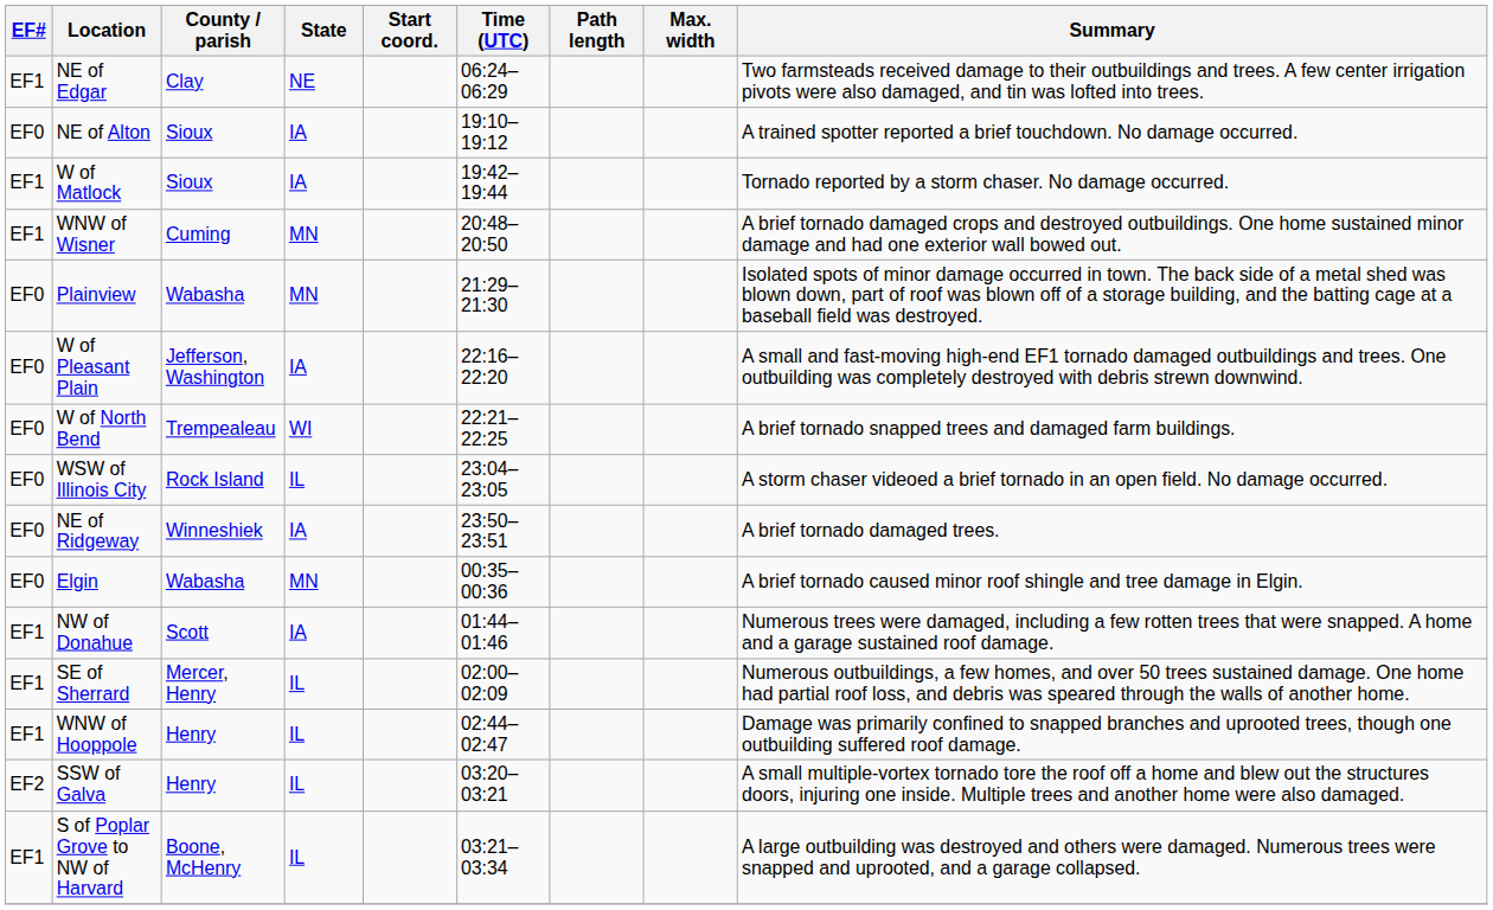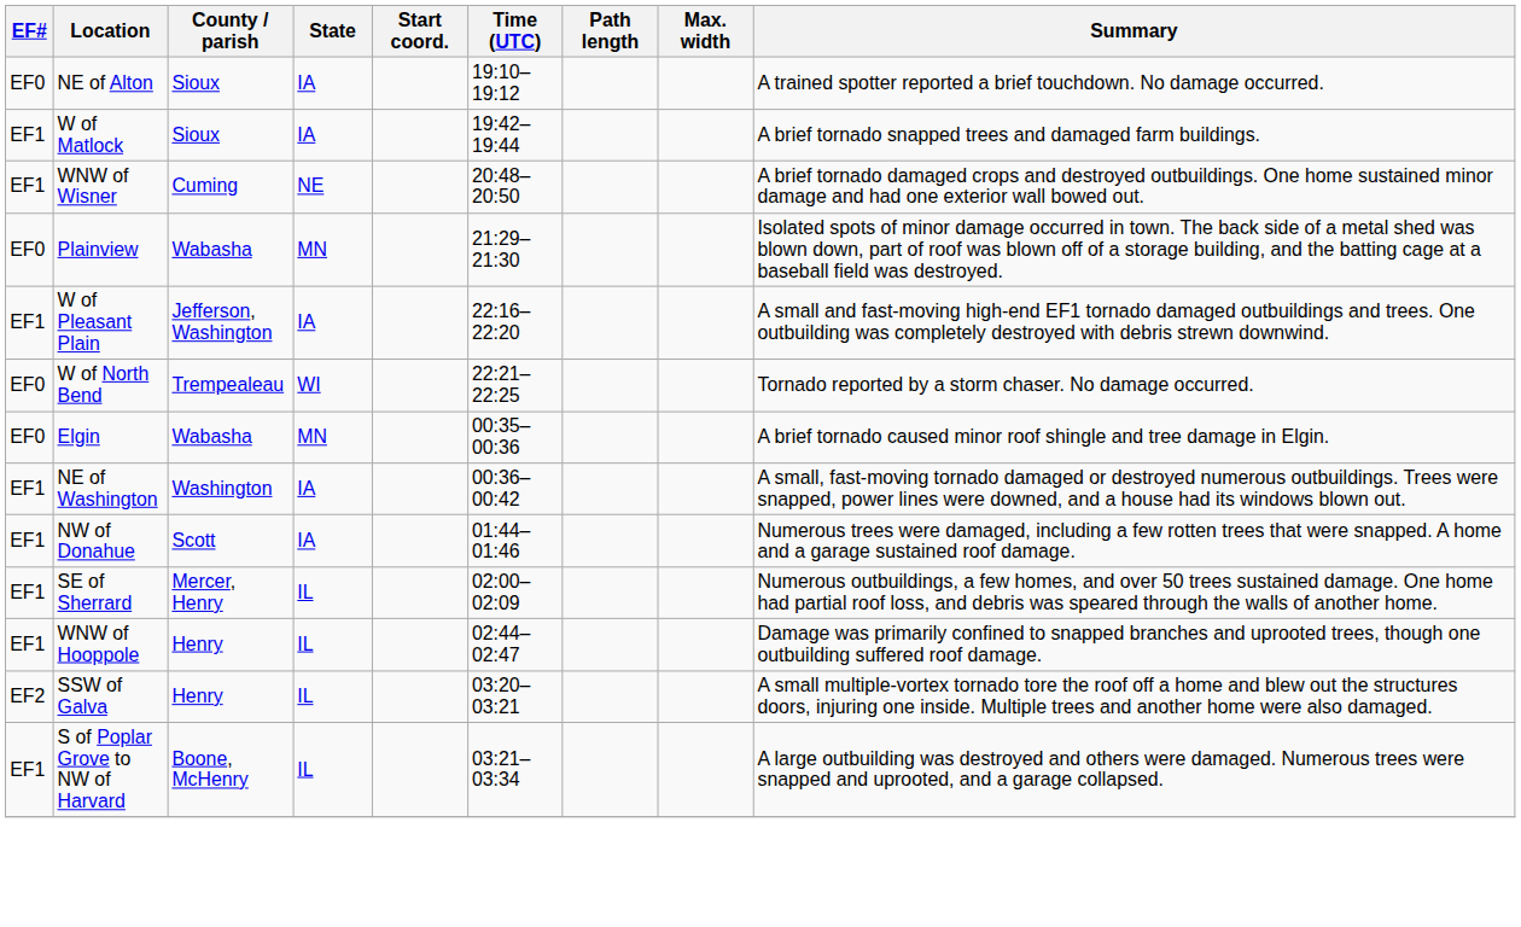 <table class="wikitable sortable" style="width:100%;">
 <tr>
 <th scope="col"  style="width:3%; text-align:center;"><a href='#'>EF#</a></th>
 <th scope="col"  style="width:7%; text-align:center;" class="unsortable">Location</th>
 <th scope="col"  style="width:6%; text-align:center;" class="unsortable">County / parish</th>
 <th scope="col"  style="width:5%; text-align:center;">State</th>
 <th scope="col"  style="width:6%; text-align:center;">Start coord.</th>
 <th scope="col"  style="width:6%; text-align:center;">Time (<a href='#'>UTC</a>)</th>
 <th scope="col"  style="width:6%; text-align:center;">Path length</th>
 <th scope="col"  style="width:6%; text-align:center;">Max. width</th>
 <th scope="col" class="unsortable" style="width:48%; text-align:center;">Summary</th>
-</tr>
-<tr>
-<td>EF1</td>
-<td>NE of <a href='#'>Edgar</a></td>
-<td><a href='#'>Clay</a></td>
-<td><a href='#'>NE</a></td>
-<td></td>
-<td>06:24–06:29</td>
-<td></td>
-<td></td>
-<td>Two farmsteads received damage to their outbuildings and trees. A few center irrigation pivots were also damaged, and tin was lofted into trees.</td>
 </tr>
 <tr>
 <td>EF0</td>
 <td>NE of <a href='#'>Alton</a></td>
 <td><a href='#'>Sioux</a></td>
 <td><a href='#'>IA</a></td>
 <td></td>
 <td>19:10–19:12</td>
 <td></td>
 <td></td>
 <td>A trained spotter reported a brief touchdown. No damage occurred.</td>
 </tr>
 <tr>
 <td>EF1</td>
 <td>W of <a href='#'>Matlock</a></td>
 <td><a href='#'>Sioux</a></td>
 <td><a href='#'>IA</a></td>
 <td></td>
 <td>19:42–19:44</td>
 <td></td>
 <td></td>
-<td>Tornado reported by a storm chaser. No damage occurred.</td>
+<td>A brief tornado snapped trees and damaged farm buildings.</td>
 </tr>
 <tr>
 <td>EF1</td>
 <td>WNW of <a href='#'>Wisner</a></td>
 <td><a href='#'>Cuming</a></td>
-<td><a href='#'>MN</a></td>
+<td><a href='#'>NE</a></td>
 <td></td>
 <td>20:48–20:50</td>
 <td></td>
 <td></td>
 <td>A brief tornado damaged crops and destroyed outbuildings. One home sustained minor damage and had one exterior wall bowed out.</td>
 </tr>
 <tr>
 <td>EF0</td>
 <td><a href='#'>Plainview</a></td>
 <td><a href='#'>Wabasha</a></td>
 <td><a href='#'>MN</a></td>
 <td></td>
 <td>21:29–21:30</td>
 <td></td>
 <td></td>
 <td>Isolated spots of minor damage occurred in town. The back side of a metal shed was blown down, part of roof was blown off of a storage building, and the batting cage at a baseball field was destroyed.</td>
 </tr>
 <tr>
-<td>EF0</td>
+<td>EF1</td>
 <td>W of <a href='#'>Pleasant Plain</a></td>
 <td><a href='#'>Jefferson</a>, <a href='#'>Washington</a></td>
 <td><a href='#'>IA</a></td>
 <td></td>
 <td>22:16–22:20</td>
 <td></td>
 <td></td>
 <td>A small and fast-moving high-end EF1 tornado damaged outbuildings and trees. One outbuilding was completely destroyed with debris strewn downwind.</td>
 </tr>
 <tr>
 <td>EF0</td>
 <td>W of <a href='#'>North Bend</a></td>
 <td><a href='#'>Trempealeau</a></td>
 <td><a href='#'>WI</a></td>
 <td></td>
 <td>22:21–22:25</td>
 <td></td>
 <td></td>
-<td>A brief tornado snapped trees and damaged farm buildings.</td>
-</tr>
-<tr>
-<td>EF0</td>
-<td>WSW of <a href='#'>Illinois City</a></td>
-<td><a href='#'>Rock Island</a></td>
-<td><a href='#'>IL</a></td>
-<td></td>
-<td>23:04–23:05</td>
-<td></td>
-<td></td>
-<td>A storm chaser videoed a brief tornado in an open field. No damage occurred.</td>
-</tr>
-<tr>
-<td>EF0</td>
-<td>NE of <a href='#'>Ridgeway</a></td>
-<td><a href='#'>Winneshiek</a></td>
-<td><a href='#'>IA</a></td>
-<td></td>
-<td>23:50–23:51</td>
-<td></td>
-<td></td>
-<td>A brief tornado damaged trees.</td>
+<td>Tornado reported by a storm chaser. No damage occurred.</td>
 </tr>
 <tr>
 <td>EF0</td>
 <td><a href='#'>Elgin</a></td>
 <td><a href='#'>Wabasha</a></td>
 <td><a href='#'>MN</a></td>
 <td></td>
 <td>00:35–00:36</td>
 <td></td>
 <td></td>
 <td>A brief tornado caused minor roof shingle and tree damage in Elgin.</td>
+</tr>
+<tr>
+<td>EF1</td>
+<td>NE of <a href='#'>Washington</a></td>
+<td><a href='#'>Washington</a></td>
+<td><a href='#'>IA</a></td>
+<td></td>
+<td>00:36–00:42</td>
+<td></td>
+<td></td>
+<td>A small, fast-moving tornado damaged or destroyed numerous outbuildings. Trees were snapped, power lines were downed, and a house had its windows blown out.</td>
 </tr>
 <tr>
 <td>EF1</td>
 <td>NW of <a href='#'>Donahue</a></td>
 <td><a href='#'>Scott</a></td>
 <td><a href='#'>IA</a></td>
 <td></td>
 <td>01:44–01:46</td>
 <td></td>
 <td></td>
 <td>Numerous trees were damaged, including a few rotten trees that were snapped. A home and a garage sustained roof damage.</td>
 </tr>
 <tr>
 <td>EF1</td>
 <td>SE of <a href='#'>Sherrard</a></td>
 <td><a href='#'>Mercer</a>, <a href='#'>Henry</a></td>
 <td><a href='#'>IL</a></td>
 <td></td>
 <td>02:00–02:09</td>
 <td></td>
 <td></td>
 <td>Numerous outbuildings, a few homes, and over 50 trees sustained damage. One home had partial roof loss, and debris was speared through the walls of another home.</td>
 </tr>
 <tr>
 <td>EF1</td>
 <td>WNW of <a href='#'>Hooppole</a></td>
 <td><a href='#'>Henry</a></td>
 <td><a href='#'>IL</a></td>
 <td></td>
 <td>02:44–02:47</td>
 <td></td>
 <td></td>
 <td>Damage was primarily confined to snapped branches and uprooted trees, though one outbuilding suffered roof damage.</td>
 </tr>
 <tr>
 <td>EF2</td>
 <td>SSW of <a href='#'>Galva</a></td>
 <td><a href='#'>Henry</a></td>
 <td><a href='#'>IL</a></td>
 <td></td>
 <td>03:20–03:21</td>
 <td></td>
 <td></td>
 <td>A small multiple-vortex tornado tore the roof off a home and blew out the structures doors, injuring one inside. Multiple trees and another home were also damaged.</td>
 </tr>
 <tr>
 <td>EF1</td>
 <td>S of <a href='#'>Poplar Grove</a> to NW of <a href='#'>Harvard</a></td>
 <td><a href='#'>Boone</a>, <a href='#'>McHenry</a></td>
 <td><a href='#'>IL</a></td>
 <td></td>
 <td>03:21–03:34</td>
 <td></td>
 <td></td>
 <td>A large outbuilding was destroyed and others were damaged. Numerous trees were snapped and uprooted, and a garage collapsed.</td>
 </tr>
 <tr>
 </tr>
 </table>
